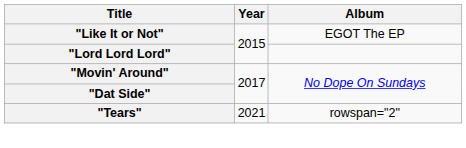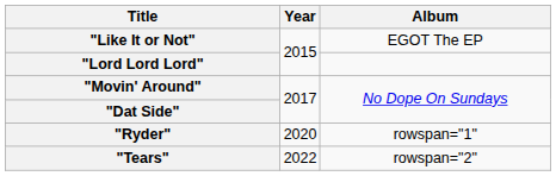 <table class="wikitable plainrowheaders" style="text-align:center;">
 <tr>
 <th scope="col" rowspan="1" style="width:18em;">Title</th>
 <th scope="col" rowspan="1" style="width:1em;">Year</th>
 <th scope="col" rowspan="1" style="width:15em;">Album</th>
 </tr>
 <tr>
 <th scope="row">"Like It or Not"</th>
 <td rowspan="2">2015</td>
 <td>EGOT The  EP</td>
 </tr>
 <tr>
 <th scope="row">"Lord Lord Lord"<br></th>
 </tr>
 <tr>
 <th scope="row">"Movin' Around"<br></th>
 <td rowspan="2">2017</td>
 <td rowspan="2"><em><a href='#'>No Dope On Sundays</a></em></td>
 </tr>
 <tr>
 <th scope="row">"Dat Side"<br></th>
 </tr>
 <tr>
+<th scope="row">"Ryder"<br></th>
+<td>2020</td>
+<td>rowspan="1" </td>
+</tr>
+<tr>
 <th scope="row">"Tears"<br></th>
-<td>2021</td>
+<td>2022</td>
 <td>rowspan="2" </td>
 </tr>
 </table>
